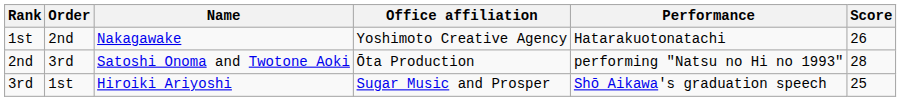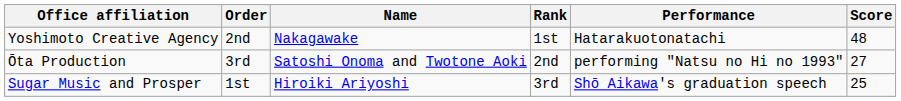 <table class="wikitable">
 <tr>
-<th>Rank</th>
+<th>Office affiliation</th>
 <th>Order</th>
 <th>Name</th>
-<th>Office affiliation</th>
+<th>Rank</th>
 <th>Performance</th>
 <th>Score</th>
 </tr>
 <tr>
-<td>1st</td>
+<td>Yoshimoto Creative Agency</td>
 <td>2nd</td>
 <td><a href='#'>Nakagawake</a></td>
-<td>Yoshimoto Creative Agency</td>
+<td>1st</td>
 <td>Hatarakuotonatachi</td>
-<td>26</td>
+<td>48</td>
 </tr>
 <tr>
-<td>2nd</td>
+<td>Ōta Production</td>
 <td>3rd</td>
 <td><a href='#'>Satoshi Onoma</a> and <a href='#'>Twotone Aoki</a></td>
-<td>Ōta Production</td>
+<td>2nd</td>
 <td> performing "Natsu no Hi no 1993"</td>
-<td>28</td>
+<td>27</td>
 </tr>
 <tr>
-<td>3rd</td>
+<td><a href='#'>Sugar Music</a> and Prosper</td>
 <td>1st</td>
 <td><a href='#'>Hiroiki Ariyoshi</a></td>
-<td><a href='#'>Sugar Music</a> and Prosper</td>
+<td>3rd</td>
 <td><a href='#'>Shō Aikawa</a>'s graduation speech</td>
 <td>25</td>
 </tr>
 </table>
